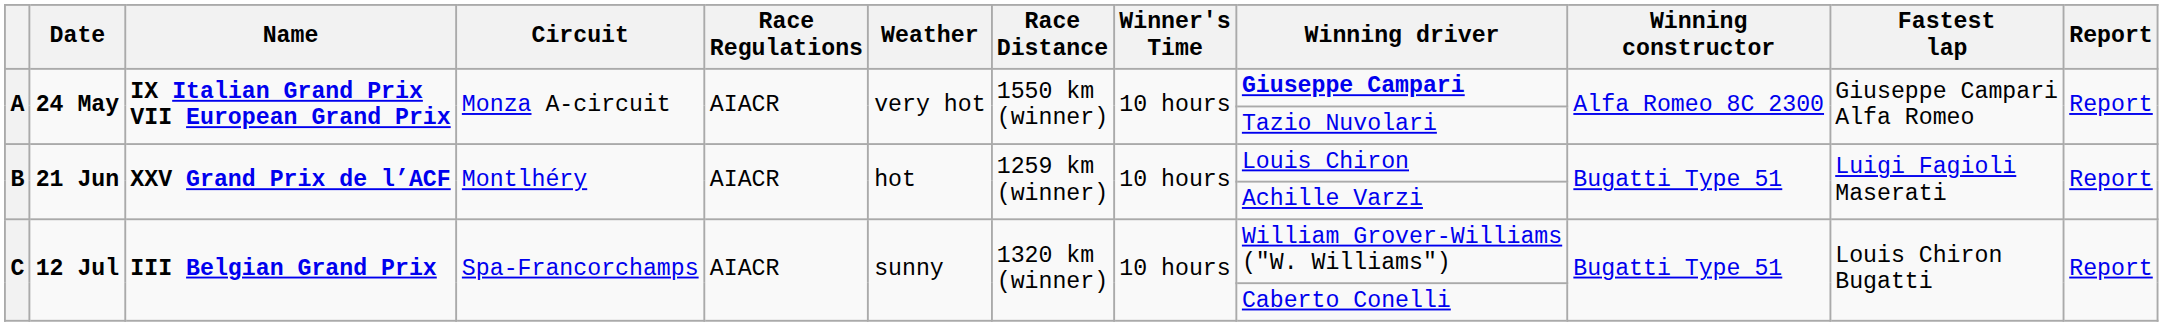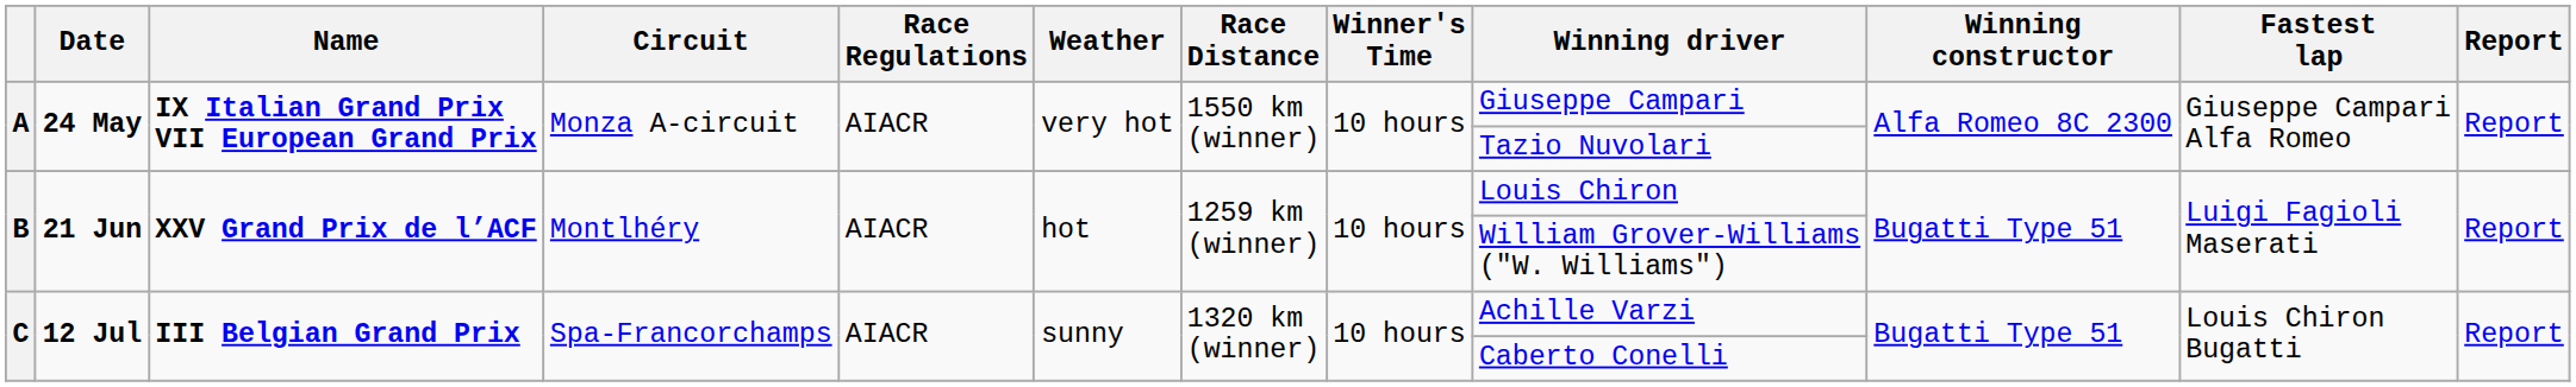 <table class="wikitable" style="font-size:95%">
 <tr>
 <th></th>
 <th>Date</th>
 <th>Name</th>
 <th>Circuit</th>
 <th>Race<br>Regulations</th>
 <th>Weather</th>
 <th>Race<br>Distance</th>
 <th>Winner's<br>Time</th>
 <th>Winning driver</th>
 <th>Winning<br>constructor</th>
 <th>Fastest<br>lap</th>
 <th>Report</th>
 </tr>
 <tr>
 <th rowspan=2>A</th>
 <td rowspan=2><strong>24 May</strong></td>
 <td rowspan=2> <strong>IX <a href='#'>Italian Grand Prix</a><br>VII <a href='#'>European Grand Prix</a> </strong></td>
 <td rowspan=2><a href='#'>Monza</a> A-circuit</td>
 <td rowspan=2>AIACR</td>
 <td rowspan=2>very hot</td>
 <td rowspan=2>1550 km<br>(winner)</td>
 <td rowspan=2>10 hours</td>
-<td><strong> <a href='#'>Giuseppe Campari</a></strong></td>
+<td> <a href='#'>Giuseppe Campari</a></td>
 <td rowspan=2><a href='#'>Alfa Romeo 8C 2300</a></td>
 <td rowspan=2>Giuseppe Campari<br> Alfa Romeo</td>
 <td rowspan=2><a href='#'>Report</a></td>
 </tr>
 <tr>
 <td> <a href='#'>Tazio Nuvolari</a></td>
 </tr>
 <tr>
 <th rowspan=2>B</th>
 <td rowspan=2><strong>21 Jun</strong></td>
 <td rowspan=2> <strong>XXV <a href='#'>Grand Prix de l’ACF</a></strong></td>
 <td rowspan=2><a href='#'>Montlhéry</a></td>
 <td rowspan=2>AIACR</td>
 <td rowspan=2>hot</td>
 <td rowspan=2>1259 km<br>(winner)</td>
 <td rowspan=2>10 hours</td>
 <td> <a href='#'>Louis Chiron</a></td>
 <td rowspan=2><a href='#'>Bugatti Type 51</a></td>
 <td rowspan=2><a href='#'>Luigi Fagioli</a><br> Maserati</td>
 <td rowspan=2><a href='#'>Report</a></td>
 </tr>
 <tr>
-<td> <a href='#'>Achille Varzi</a></td>
+<td> <a href='#'>William Grover-Williams</a><br>("W. Williams")</td>
 </tr>
 <tr>
 <th rowspan=2>C</th>
 <td rowspan=2><strong>12 Jul</strong></td>
 <td rowspan=2> <strong>III <a href='#'>Belgian Grand Prix</a></strong></td>
 <td rowspan=2><a href='#'>Spa-Francorchamps</a></td>
 <td rowspan=2>AIACR</td>
 <td rowspan=2>sunny</td>
 <td rowspan=2>1320 km<br>(winner)</td>
 <td rowspan=2>10 hours</td>
-<td> <a href='#'>William Grover-Williams</a><br>("W. Williams")</td>
+<td> <a href='#'>Achille Varzi</a></td>
 <td rowspan=2><a href='#'>Bugatti Type 51</a></td>
 <td rowspan=2>Louis Chiron<br> Bugatti</td>
 <td rowspan=2><a href='#'>Report</a></td>
 </tr>
 <tr>
 <td> <a href='#'>Caberto Conelli</a></td>
 </tr>
 </table>
